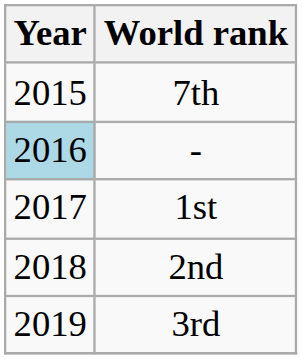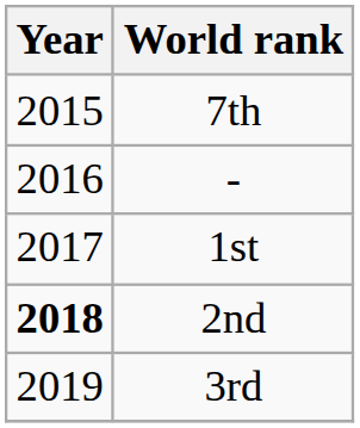 <table class=wikitable>
 <tr>
 <th>Year</th>
 <th>World rank</th>
 </tr>
 <tr>
 <td>2015</td>
 <td align="center">7th</td>
 </tr>
 <tr>
-<td style="background: lightblue;">2016</td>
+<td>2016</td>
 <td align="center">-</td>
 </tr>
 <tr>
 <td>2017</td>
 <td align="center">1st</td>
 </tr>
 <tr>
-<td>2018</td>
+<td><strong>2018</strong></td>
 <td align="center">2nd</td>
 </tr>
 <tr>
 <td>2019</td>
 <td align="center">3rd</td>
 </tr>
 <tr>
 </tr>
 </table>
